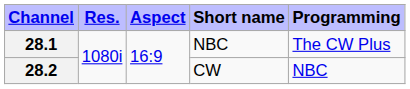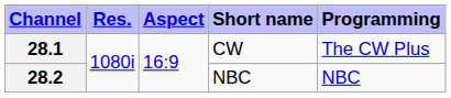 <table class="wikitable">
 <tr>
 <th style="background-color: #bdbdff" scope = "col"><a href='#'>Channel</a></th>
 <th style="background-color: #bdbdff" scope = "col"><a href='#'>Res.</a></th>
 <th style="background-color: #bdbdff" scope = "col"><a href='#'>Aspect</a></th>
 <th style="background-color: #bdbdff" scope = "col">Short name</th>
 <th style="background-color: #bdbdff" scope = "col">Programming</th>
 </tr>
 <tr>
 <th scope = "row">28.1</th>
 <td rowspan=2><a href='#'>1080i</a></td>
 <td rowspan=2><a href='#'>16:9</a></td>
-<td>NBC</td>
+<td>CW</td>
 <td><a href='#'>The CW Plus</a></td>
 </tr>
 <tr>
 <th scope = "row">28.2</th>
-<td>CW</td>
+<td>NBC</td>
 <td><a href='#'>NBC</a></td>
 </tr>
 </table>
